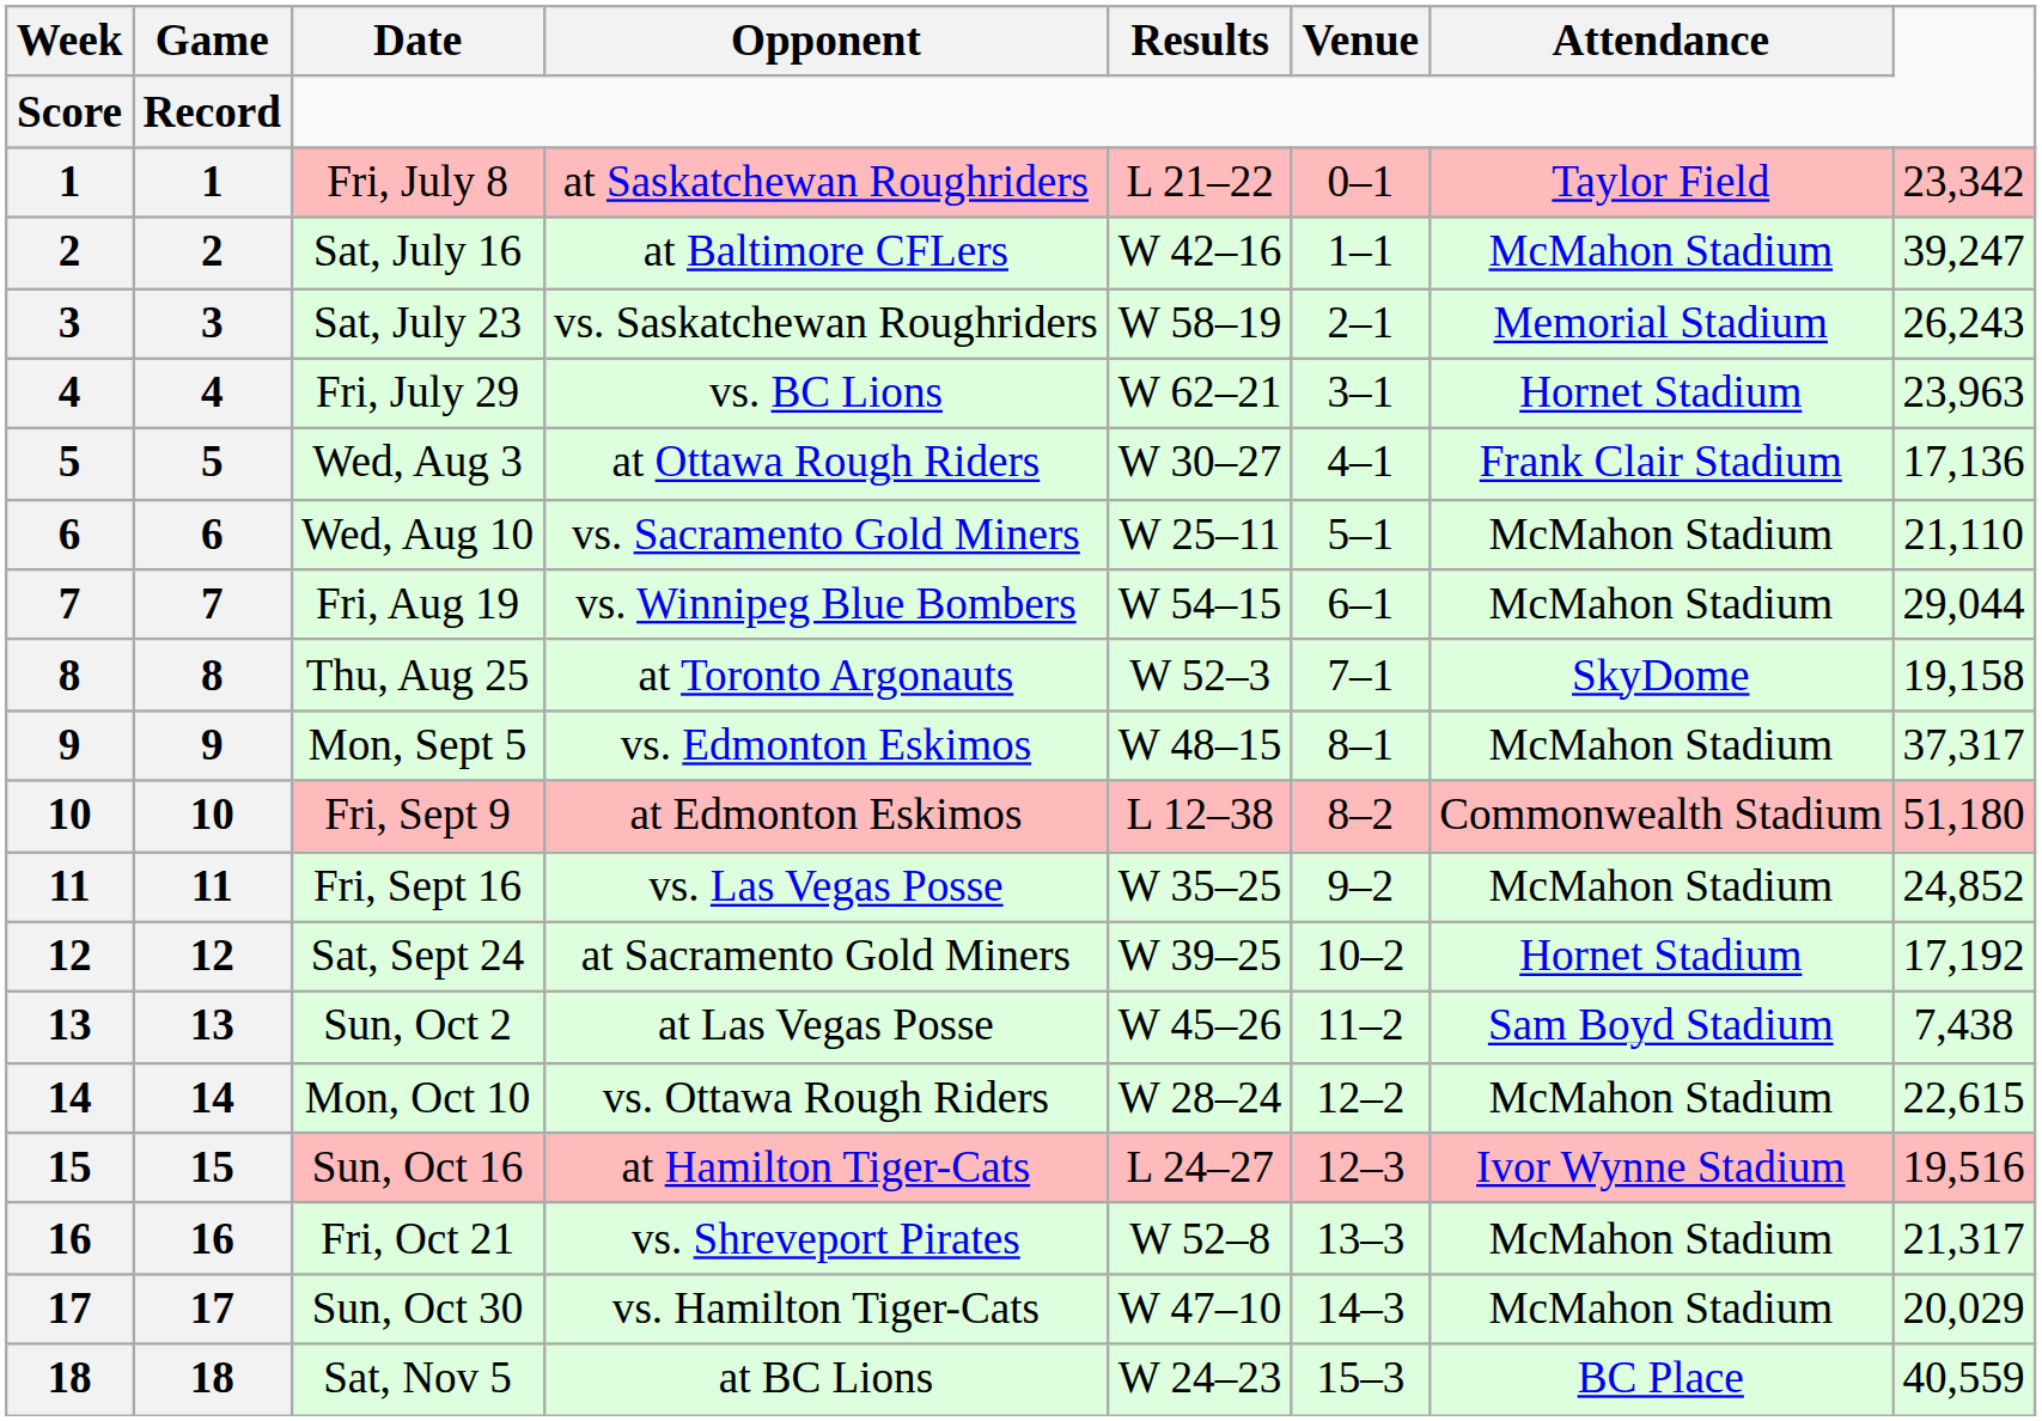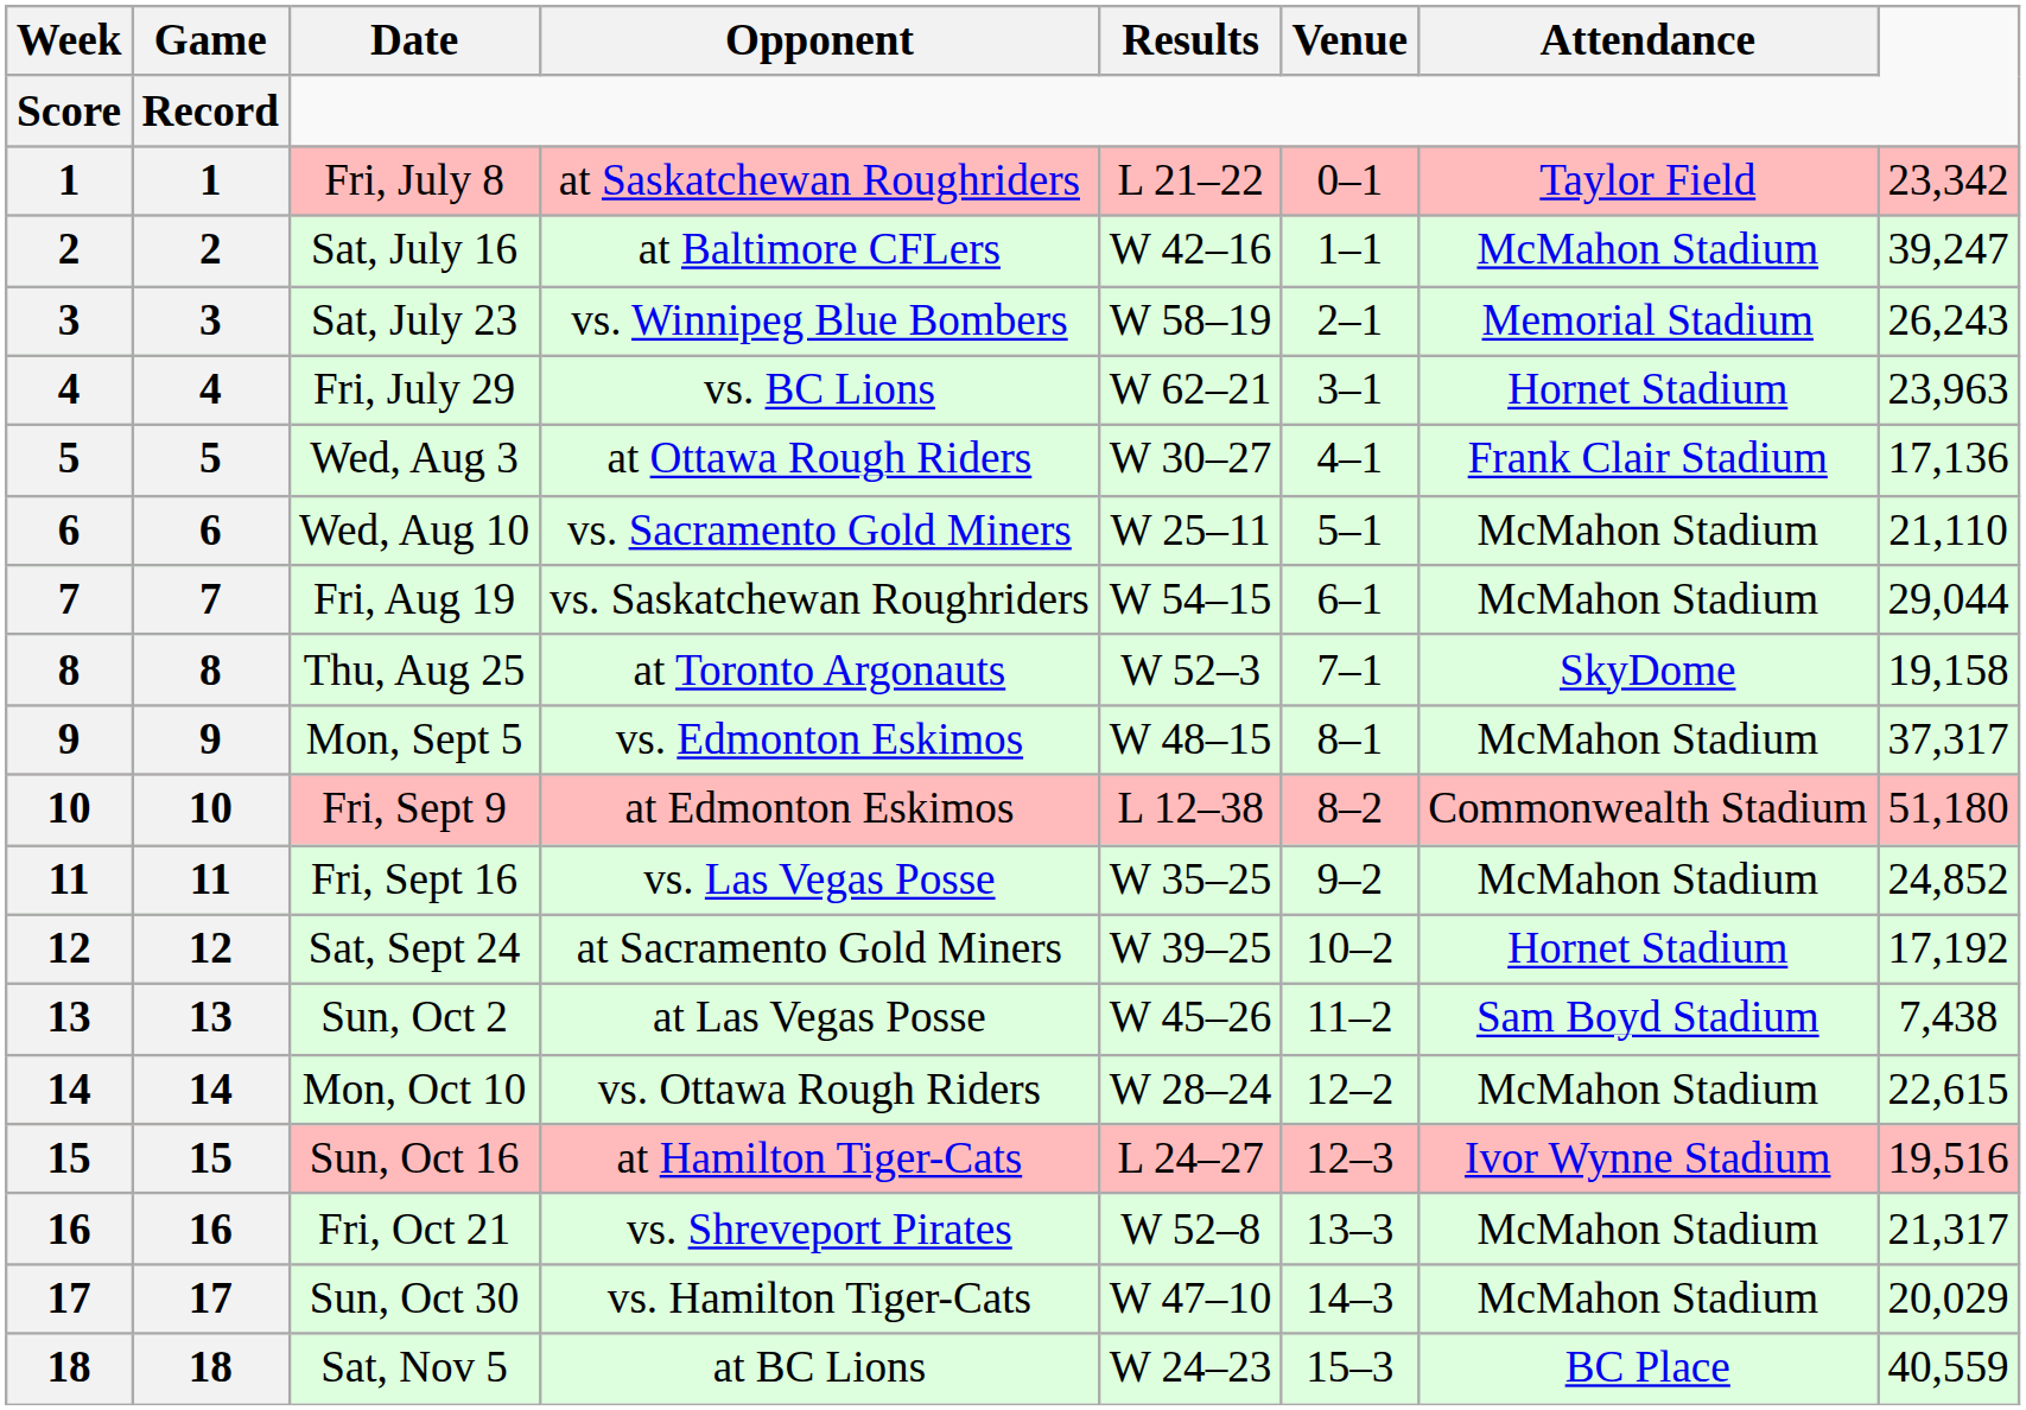 <table class="wikitable" style="text-align:center">
 <tr>
 <th>Week</th>
 <th>Game</th>
 <th>Date</th>
 <th>Opponent</th>
 <th>Results</th>
 <th>Venue</th>
 <th>Attendance</th>
 </tr>
 <tr>
 <th>Score</th>
 <th>Record</th>
 </tr>
 <tr style="background:#ffbbbb">
 <th>1</th>
 <th>1</th>
 <td>Fri, July 8</td>
 <td>at <a href='#'>Saskatchewan Roughriders</a></td>
 <td>L 21–22</td>
 <td>0–1</td>
 <td><a href='#'>Taylor Field</a></td>
 <td>23,342</td>
 </tr>
 <tr style="background:#ddffdd">
 <th>2</th>
 <th>2</th>
 <td>Sat, July 16</td>
 <td>at <a href='#'>Baltimore CFLers</a></td>
 <td>W 42–16</td>
 <td>1–1</td>
 <td><a href='#'>McMahon Stadium</a></td>
 <td>39,247</td>
 </tr>
 <tr style="background:#ddffdd">
 <th>3</th>
 <th>3</th>
 <td>Sat, July 23</td>
-<td>vs. Saskatchewan Roughriders</td>
+<td>vs. <a href='#'>Winnipeg Blue Bombers</a></td>
 <td>W 58–19</td>
 <td>2–1</td>
 <td><a href='#'>Memorial Stadium</a></td>
 <td>26,243</td>
 </tr>
 <tr style="background:#ddffdd">
 <th>4</th>
 <th>4</th>
 <td>Fri, July 29</td>
 <td>vs. <a href='#'>BC Lions</a></td>
 <td>W 62–21</td>
 <td>3–1</td>
 <td><a href='#'>Hornet Stadium</a></td>
 <td>23,963</td>
 </tr>
 <tr style="background:#ddffdd">
 <th>5</th>
 <th>5</th>
 <td>Wed, Aug 3</td>
 <td>at <a href='#'>Ottawa Rough Riders</a></td>
 <td>W 30–27</td>
 <td>4–1</td>
 <td><a href='#'>Frank Clair Stadium</a></td>
 <td>17,136</td>
 </tr>
 <tr style="background:#ddffdd">
 <th>6</th>
 <th>6</th>
 <td>Wed, Aug 10</td>
 <td>vs. <a href='#'>Sacramento Gold Miners</a></td>
 <td>W 25–11</td>
 <td>5–1</td>
 <td>McMahon Stadium</td>
 <td>21,110</td>
 </tr>
 <tr style="background:#ddffdd">
 <th>7</th>
 <th>7</th>
 <td>Fri, Aug 19</td>
-<td>vs. <a href='#'>Winnipeg Blue Bombers</a></td>
+<td>vs. Saskatchewan Roughriders</td>
 <td>W 54–15</td>
 <td>6–1</td>
 <td>McMahon Stadium</td>
 <td>29,044</td>
 </tr>
 <tr style="background:#ddffdd">
 <th>8</th>
 <th>8</th>
 <td>Thu, Aug 25</td>
 <td>at <a href='#'>Toronto Argonauts</a></td>
 <td>W 52–3</td>
 <td>7–1</td>
 <td><a href='#'>SkyDome</a></td>
 <td>19,158</td>
 </tr>
 <tr style="background:#ddffdd">
 <th>9</th>
 <th>9</th>
 <td>Mon, Sept 5</td>
 <td>vs. <a href='#'>Edmonton Eskimos</a></td>
 <td>W 48–15</td>
 <td>8–1</td>
 <td>McMahon Stadium</td>
 <td>37,317</td>
 </tr>
 <tr style="background:#ffbbbb">
 <th>10</th>
 <th>10</th>
 <td>Fri, Sept 9</td>
 <td>at Edmonton Eskimos</td>
 <td>L 12–38</td>
 <td>8–2</td>
 <td>Commonwealth Stadium</td>
 <td>51,180</td>
 </tr>
 <tr style="background:#ddffdd">
 <th>11</th>
 <th>11</th>
 <td>Fri, Sept 16</td>
 <td>vs. <a href='#'>Las Vegas Posse</a></td>
 <td>W 35–25</td>
 <td>9–2</td>
 <td>McMahon Stadium</td>
 <td>24,852</td>
 </tr>
 <tr style="background:#ddffdd">
 <th>12</th>
 <th>12</th>
 <td>Sat, Sept 24</td>
 <td>at Sacramento Gold Miners</td>
 <td>W 39–25</td>
 <td>10–2</td>
 <td><a href='#'>Hornet Stadium</a></td>
 <td>17,192</td>
 </tr>
 <tr style="background:#ddffdd">
 <th>13</th>
 <th>13</th>
 <td>Sun, Oct 2</td>
 <td>at Las Vegas Posse</td>
 <td>W 45–26</td>
 <td>11–2</td>
 <td><a href='#'>Sam Boyd Stadium</a></td>
 <td>7,438</td>
 </tr>
 <tr style="background:#ddffdd">
 <th>14</th>
 <th>14</th>
 <td>Mon, Oct 10</td>
 <td>vs. Ottawa Rough Riders</td>
 <td>W 28–24</td>
 <td>12–2</td>
 <td>McMahon Stadium</td>
 <td>22,615</td>
 </tr>
 <tr style="background:#ffbbbb">
 <th>15</th>
 <th>15</th>
 <td>Sun, Oct 16</td>
 <td>at <a href='#'>Hamilton Tiger-Cats</a></td>
 <td>L 24–27</td>
 <td>12–3</td>
 <td><a href='#'>Ivor Wynne Stadium</a></td>
 <td>19,516</td>
 </tr>
 <tr style="background:#ddffdd">
 <th>16</th>
 <th>16</th>
 <td>Fri, Oct 21</td>
 <td>vs. <a href='#'>Shreveport Pirates</a></td>
 <td>W 52–8</td>
 <td>13–3</td>
 <td>McMahon Stadium</td>
 <td>21,317</td>
 </tr>
 <tr style="background:#ddffdd">
 <th>17</th>
 <th>17</th>
 <td>Sun, Oct 30</td>
 <td>vs. Hamilton Tiger-Cats</td>
 <td>W 47–10</td>
 <td>14–3</td>
 <td>McMahon Stadium</td>
 <td>20,029</td>
 </tr>
 <tr style="background:#ddffdd">
 <th>18</th>
 <th>18</th>
 <td>Sat, Nov 5</td>
 <td>at BC Lions</td>
 <td>W 24–23</td>
 <td>15–3</td>
 <td><a href='#'>BC Place</a></td>
 <td>40,559</td>
 </tr>
 </table>
